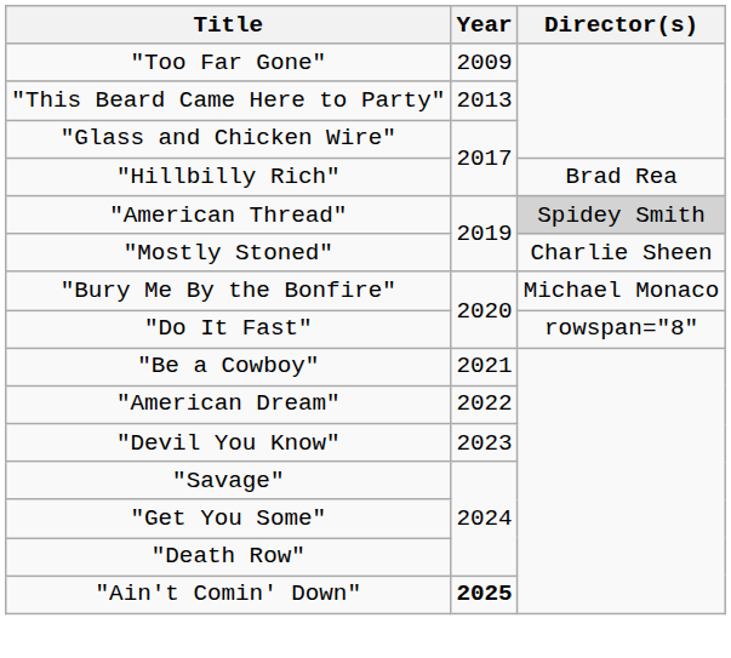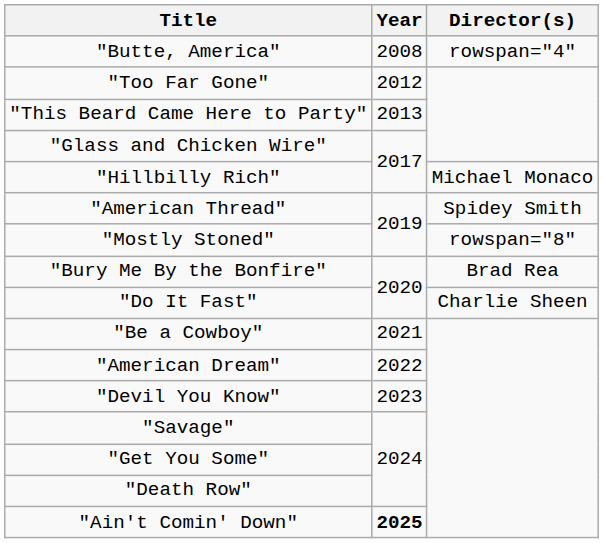 <table class="wikitable plainrowheaders" style="text-align:center;">
 <tr>
 <th scope="col">Title</th>
 <th scope="col">Year</th>
 <th scope="col">Director(s)</th>
 </tr>
 <tr>
+<td>"Butte, America"</td>
+<td>2008</td>
+<td>rowspan="4" </td>
+</tr>
+<tr>
 <td>"Too Far Gone"</td>
-<td>2009</td>
+<td>2012</td>
 </tr>
 <tr>
 <td>"This Beard Came Here to Party"</td>
 <td>2013</td>
 </tr>
 <tr>
 <td>"Glass and Chicken Wire"</td>
 <td rowspan="2">2017</td>
 </tr>
 <tr>
 <td>"Hillbilly Rich"</td>
-<td>Brad Rea</td>
+<td>Michael Monaco</td>
 </tr>
 <tr>
 <td>"American Thread"</td>
 <td rowspan="2">2019</td>
-<td style="background: lightgrey;">Spidey Smith</td>
+<td>Spidey Smith</td>
 </tr>
 <tr>
 <td>"Mostly Stoned"</td>
-<td>Charlie Sheen</td>
+<td>rowspan="8" </td>
 </tr>
 <tr>
 <td>"Bury Me By the Bonfire"</td>
 <td rowspan="2">2020</td>
-<td>Michael Monaco</td>
+<td>Brad Rea</td>
 </tr>
 <tr>
 <td>"Do It Fast"</td>
-<td>rowspan="8" </td>
+<td>Charlie Sheen</td>
 </tr>
 <tr>
 <td>"Be a Cowboy"</td>
 <td>2021</td>
 </tr>
 <tr>
 <td>"American Dream"</td>
 <td>2022</td>
 </tr>
 <tr>
 <td>"Devil You Know"</td>
 <td>2023</td>
 </tr>
 <tr>
 <td>"Savage"</td>
 <td rowspan="3">2024</td>
 </tr>
 <tr>
 <td>"Get You Some"</td>
 </tr>
 <tr>
 <td>"Death Row"</td>
 </tr>
 <tr>
 <td>"Ain't Comin' Down"</td>
 <td><strong>2025</strong></td>
 </tr>
 </table>
